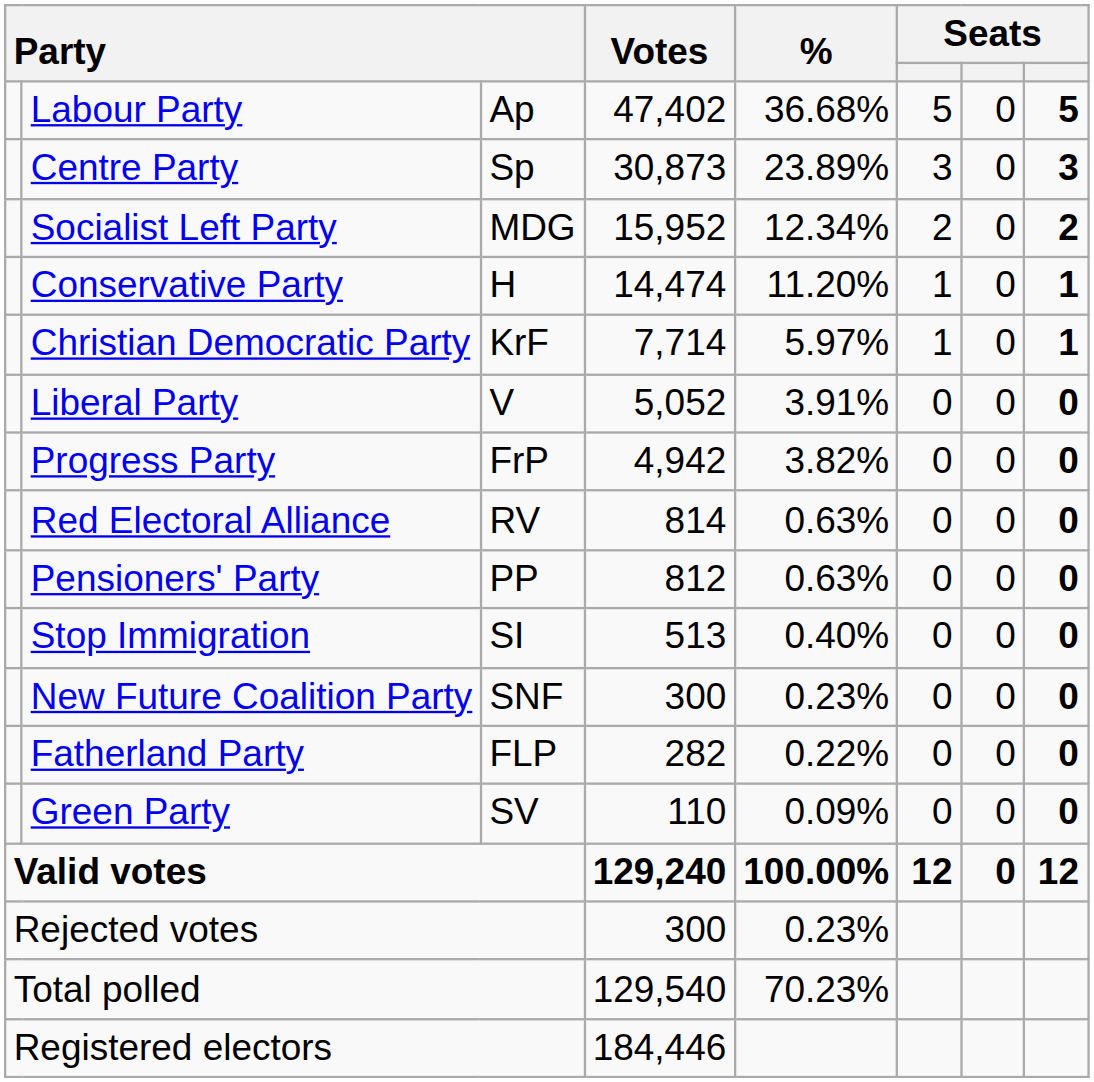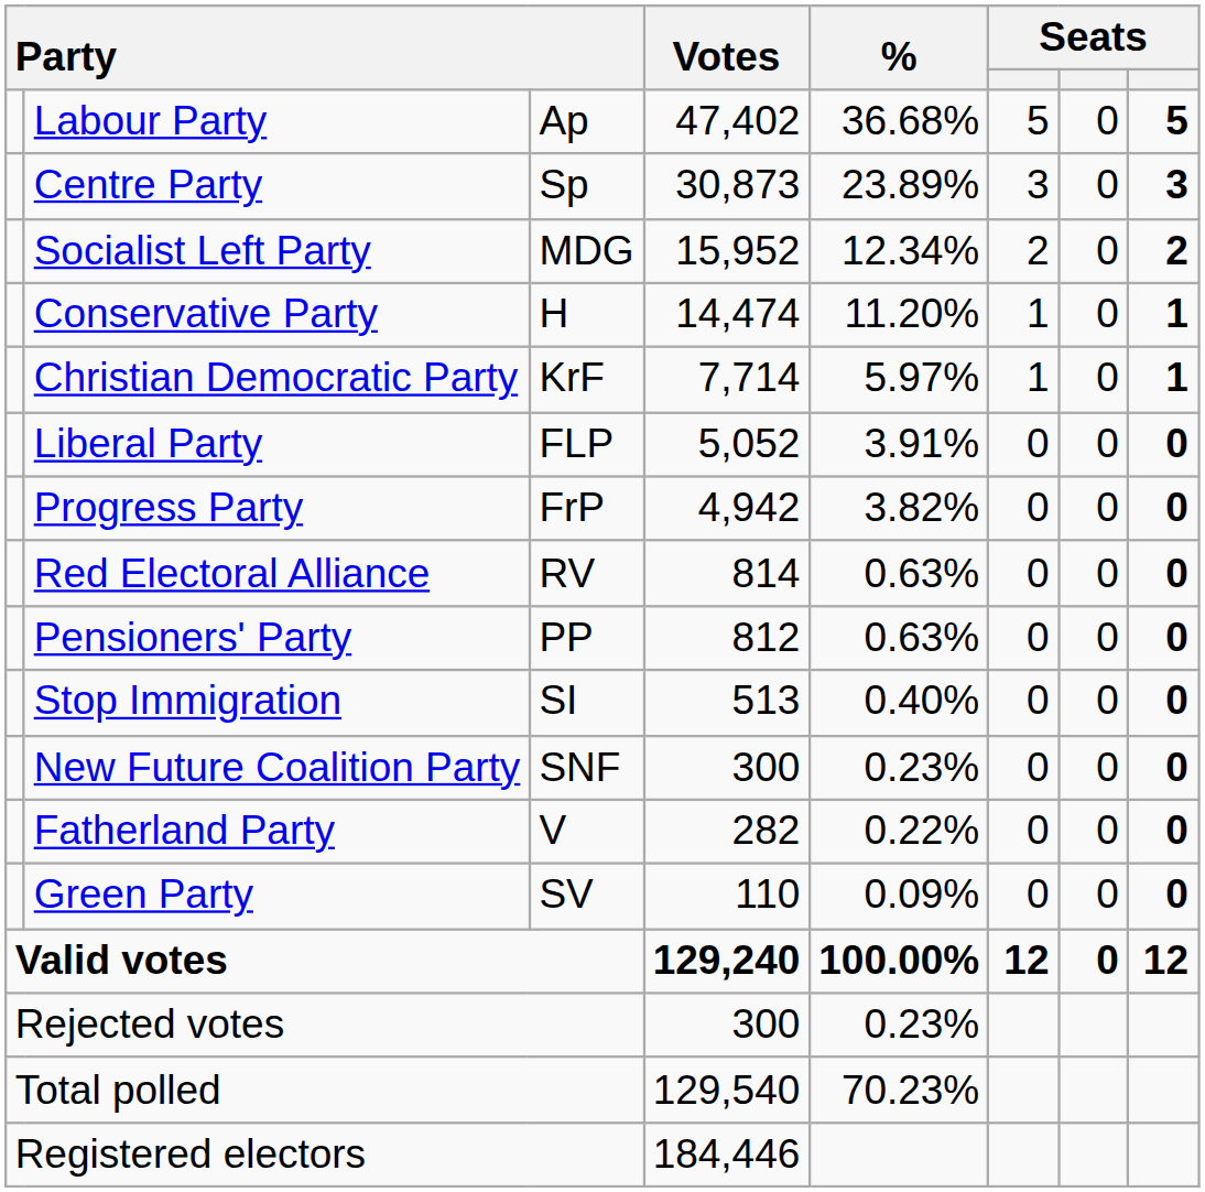 <table class="wikitable" border="1" style="text-align:right;">
 <tr>
 <th style="text-align:left;" valign=bottom rowspan=2 colspan=3>Party</th>
 <th align=center valign=bottom rowspan=2 width="50">Votes</th>
 <th align=center valign=bottom rowspan=2 width="50">%</th>
 <th colspan=3>Seats</th>
 </tr>
 <tr>
 <th align=center valign=bottom width="20"><small></small></th>
 <th align=center valign=bottom width="20"><small><a href='#'></a></small></th>
 <th align=center valign=bottom width="20"><small></small></th>
 </tr>
 <tr>
 <td style="color:inherit;background:"></td>
 <td align=left><a href='#'>Labour Party</a></td>
 <td align=left>Ap</td>
 <td>47,402</td>
 <td>36.68%</td>
 <td>5</td>
 <td>0</td>
 <td><strong>5</strong></td>
 </tr>
 <tr>
 <td style="color:inherit;background:"></td>
 <td align=left><a href='#'>Centre Party</a></td>
 <td align=left>Sp</td>
 <td>30,873</td>
 <td>23.89%</td>
 <td>3</td>
 <td>0</td>
 <td><strong>3</strong></td>
 </tr>
 <tr>
 <td style="color:inherit;background:"></td>
 <td align=left><a href='#'>Socialist Left Party</a></td>
 <td align=left>MDG</td>
 <td>15,952</td>
 <td>12.34%</td>
 <td>2</td>
 <td>0</td>
 <td><strong>2</strong></td>
 </tr>
 <tr>
 <td style="color:inherit;background:"></td>
 <td align=left><a href='#'>Conservative Party</a></td>
 <td align=left>H</td>
 <td>14,474</td>
 <td>11.20%</td>
 <td>1</td>
 <td>0</td>
 <td><strong>1</strong></td>
 </tr>
 <tr>
 <td style="color:inherit;background:"></td>
 <td align=left><a href='#'>Christian Democratic Party</a></td>
 <td align=left>KrF</td>
 <td>7,714</td>
 <td>5.97%</td>
 <td>1</td>
 <td>0</td>
 <td><strong>1</strong></td>
 </tr>
 <tr>
 <td style="color:inherit;background:"></td>
 <td align=left><a href='#'>Liberal Party</a></td>
-<td align=left>V</td>
+<td align=left>FLP</td>
 <td>5,052</td>
 <td>3.91%</td>
 <td>0</td>
 <td>0</td>
 <td><strong>0</strong></td>
 </tr>
 <tr>
 <td style="color:inherit;background:"></td>
 <td align=left><a href='#'>Progress Party</a></td>
 <td align=left>FrP</td>
 <td>4,942</td>
 <td>3.82%</td>
 <td>0</td>
 <td>0</td>
 <td><strong>0</strong></td>
 </tr>
 <tr>
 <td style="color:inherit;background:"></td>
 <td align=left><a href='#'>Red Electoral Alliance</a></td>
 <td align=left>RV</td>
 <td>814</td>
 <td>0.63%</td>
 <td>0</td>
 <td>0</td>
 <td><strong>0</strong></td>
 </tr>
 <tr>
 <td style="color:inherit;background:"></td>
 <td align=left><a href='#'>Pensioners' Party</a></td>
 <td align=left>PP</td>
 <td>812</td>
 <td>0.63%</td>
 <td>0</td>
 <td>0</td>
 <td><strong>0</strong></td>
 </tr>
 <tr>
 <td style="color:inherit;background:"></td>
 <td align=left><a href='#'>Stop Immigration</a></td>
 <td align=left>SI</td>
 <td>513</td>
 <td>0.40%</td>
 <td>0</td>
 <td>0</td>
 <td><strong>0</strong></td>
 </tr>
 <tr>
 <td style="color:inherit;background:"></td>
 <td align=left><a href='#'>New Future Coalition Party</a></td>
 <td align=left>SNF</td>
 <td>300</td>
 <td>0.23%</td>
 <td>0</td>
 <td>0</td>
 <td><strong>0</strong></td>
 </tr>
 <tr>
 <td style="color:inherit;background:"></td>
 <td align=left><a href='#'>Fatherland Party</a></td>
-<td align=left>FLP</td>
+<td align=left>V</td>
 <td>282</td>
 <td>0.22%</td>
 <td>0</td>
 <td>0</td>
 <td><strong>0</strong></td>
 </tr>
 <tr>
 <td style="color:inherit;background:"></td>
 <td align=left><a href='#'>Green Party</a></td>
 <td align=left>SV</td>
 <td>110</td>
 <td>0.09%</td>
 <td>0</td>
 <td>0</td>
 <td><strong>0</strong></td>
 </tr>
 <tr style="font-weight:bold">
 <td align=left colspan=3>Valid votes</td>
 <td>129,240</td>
 <td>100.00%</td>
 <td>12</td>
 <td>0</td>
 <td>12</td>
 </tr>
 <tr>
 <td align=left colspan=3>Rejected votes</td>
 <td>300</td>
 <td>0.23%</td>
 <td></td>
 <td></td>
 <td></td>
 </tr>
 <tr>
 <td align=left colspan=3>Total polled</td>
 <td>129,540</td>
 <td>70.23%</td>
 <td></td>
 <td></td>
 <td></td>
 </tr>
 <tr>
 <td align=left colspan=3>Registered electors</td>
 <td>184,446</td>
 <td></td>
 <td></td>
 <td></td>
 <td></td>
 </tr>
 </table>
